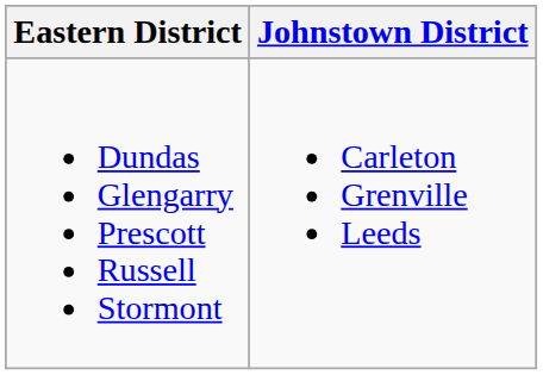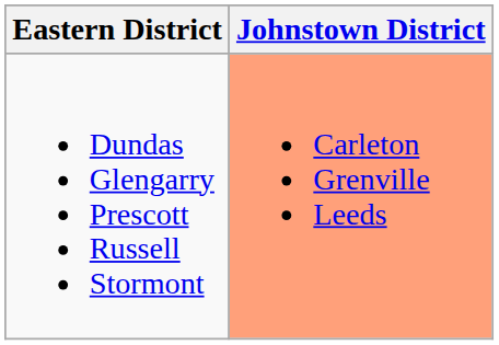 <table class="wikitable">
 <tr>
 <th>Eastern District</th>
 <th><a href='#'>Johnstown District</a></th>
 </tr>
 <tr valign="top">
 <td><br><ul><li><a href='#'>Dundas</a></li><li><a href='#'>Glengarry</a></li><li><a href='#'>Prescott</a></li><li><a href='#'>Russell</a></li><li><a href='#'>Stormont</a></li></ul></td>
-<td><br><ul><li><a href='#'>Carleton</a></li><li><a href='#'>Grenville</a></li><li><a href='#'>Leeds</a></li></ul></td>
+<td style="background: lightsalmon;"><br><ul><li><a href='#'>Carleton</a></li><li><a href='#'>Grenville</a></li><li><a href='#'>Leeds</a></li></ul></td>
 </tr>
 </table>
